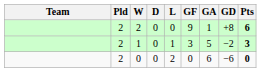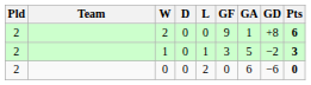 <table class="wikitable" style="text-align:center;">
 <tr>
+<th width=20>Pld</th>
 <th width=165>Team</th>
-<th width=20>Pld</th>
 <th width=20>W</th>
 <th width=20>D</th>
 <th width=20>L</th>
 <th width=20>GF</th>
 <th width=20>GA</th>
 <th width=20>GD</th>
 <th width=20>Pts</th>
 </tr>
 <tr style="background:#ccffcc;">
+<td>2</td>
 <td style="text-align:left;"></td>
-<td>2</td>
 <td>2</td>
 <td>0</td>
 <td>0</td>
 <td>9</td>
 <td>1</td>
 <td>+8</td>
 <td><strong>6</strong></td>
 </tr>
 <tr style="background:#ccffcc;">
+<td>2</td>
 <td style="text-align:left;"></td>
-<td>2</td>
 <td>1</td>
 <td>0</td>
 <td>1</td>
 <td>3</td>
 <td>5</td>
 <td>−2</td>
 <td><strong>3</strong></td>
 </tr>
 <tr>
+<td>2</td>
 <td style="text-align:left;"></td>
-<td>2</td>
 <td>0</td>
 <td>0</td>
 <td>2</td>
 <td>0</td>
 <td>6</td>
 <td>−6</td>
 <td><strong>0</strong></td>
 </tr>
 </table>
